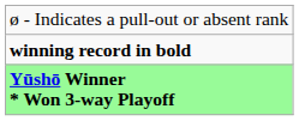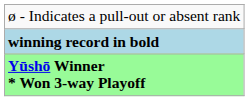 <table class="wikitable">
 <tr>
 <td>ø - Indicates a pull-out or absent rank</td>
 </tr>
 <tr>
-<td><strong>winning record in bold</strong></td>
+<td style="background: lightblue;"><strong>winning record in bold</strong></td>
 </tr>
 <tr>
 <td style="background: PaleGreen;"><strong><a href='#'>Yūshō</a> Winner</strong><br><strong>* Won 3-way Playoff</strong></td>
 </tr>
 </table>
